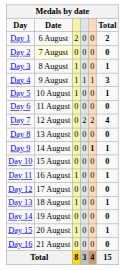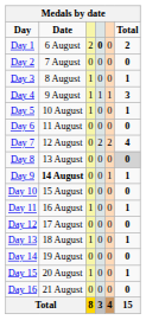 <table class=wikitable style="font-size:85%; text-align:center; float:right;">
 <tr bgcolor=efefef>
 <th colspan=7>Medals by date</th>
 </tr>
 <tr>
 <td><strong>Day</strong></td>
 <td><strong>Date</strong></td>
 <td bgcolor=f7f6a8></td>
 <td bgcolor=dce5e5></td>
 <td bgcolor=ffdab9></td>
 <td><strong>Total</strong></td>
 </tr>
 <tr>
 <td><a href='#'>Day 1</a></td>
 <td>6 August</td>
 <td style="background:#F7F6A8;">2</td>
-<td style="background:#DCE5E5;">0</td>
+<td style="background:#DCE5E5;"><strong>0</strong></td>
 <td style="background:#FFDAB9;">0</td>
 <td><strong>2</strong></td>
 </tr>
 <tr>
 <td><a href='#'>Day 2</a></td>
-<td style="background: lightyellow;">7 August</td>
+<td>7 August</td>
 <td style="background:#F7F6A8;">0</td>
 <td style="background:#DCE5E5;">0</td>
 <td style="background:#FFDAB9;">0</td>
 <td><strong>0</strong></td>
 </tr>
 <tr>
 <td><a href='#'>Day 3</a></td>
 <td>8 August</td>
 <td style="background:#F7F6A8;">1</td>
 <td style="background:#DCE5E5;">0</td>
 <td style="background:#FFDAB9;">0</td>
 <td><strong>1</strong></td>
 </tr>
 <tr>
 <td><a href='#'>Day 4</a></td>
 <td>9 August</td>
 <td style="background:#F7F6A8;">1</td>
 <td style="background:#DCE5E5;">1</td>
 <td style="background:#FFDAB9;">1</td>
 <td><strong>3</strong></td>
 </tr>
 <tr>
 <td><a href='#'>Day 5</a></td>
 <td>10 August</td>
 <td style="background:#F7F6A8;">1</td>
 <td style="background:#DCE5E5;">0</td>
 <td style="background:#FFDAB9;">0</td>
 <td><strong>1</strong></td>
 </tr>
 <tr>
 <td><a href='#'>Day 6</a></td>
 <td>11 August</td>
 <td style="background:#F7F6A8;">0</td>
 <td style="background:#DCE5E5;">0</td>
 <td style="background:#FFDAB9;">0</td>
 <td><strong>0</strong></td>
 </tr>
 <tr>
 <td><a href='#'>Day 7</a></td>
 <td>12 August</td>
 <td style="background:#F7F6A8;">0</td>
 <td style="background:#DCE5E5;">2</td>
 <td style="background:#FFDAB9;">2</td>
 <td><strong>4</strong></td>
 </tr>
 <tr>
 <td><a href='#'>Day 8</a></td>
 <td>13 August</td>
 <td style="background:#F7F6A8;">0</td>
 <td style="background:#DCE5E5;">0</td>
 <td style="background:#FFDAB9;">0</td>
-<td><strong>0</strong></td>
+<td style="background: lightgrey;"><strong>0</strong></td>
 </tr>
 <tr>
 <td><a href='#'>Day 9</a></td>
-<td>14 August</td>
+<td><strong>14 August</strong></td>
 <td style="background:#F7F6A8;">0</td>
 <td style="background:#DCE5E5;">0</td>
-<td style="background:#FFDAB9;"><strong>1</strong></td>
+<td style="background:#FFDAB9;">1</td>
 <td><strong>1</strong></td>
 </tr>
 <tr>
 <td><a href='#'>Day 10</a></td>
 <td>15 August</td>
 <td style="background:#F7F6A8;">0</td>
 <td style="background:#DCE5E5;">0</td>
 <td style="background:#FFDAB9;">0</td>
 <td><strong>0</strong></td>
 </tr>
 <tr>
 <td><a href='#'>Day 11</a></td>
 <td>16 August</td>
 <td style="background:#F7F6A8;">1</td>
 <td style="background:#DCE5E5;">0</td>
 <td style="background:#FFDAB9;">0</td>
 <td><strong>1</strong></td>
 </tr>
 <tr>
 <td><a href='#'>Day 12</a></td>
 <td>17 August</td>
 <td style="background:#F7F6A8;">0</td>
 <td style="background:#DCE5E5;">0</td>
 <td style="background:#FFDAB9;">0</td>
 <td><strong>0</strong></td>
 </tr>
 <tr>
 <td><a href='#'>Day 13</a></td>
 <td>18 August</td>
 <td style="background:#F7F6A8;">1</td>
 <td style="background:#DCE5E5;">0</td>
 <td style="background:#FFDAB9;">0</td>
 <td><strong>1</strong></td>
 </tr>
 <tr>
 <td><a href='#'>Day 14</a></td>
 <td>19 August</td>
 <td style="background:#F7F6A8;">0</td>
 <td style="background:#DCE5E5;">0</td>
 <td style="background:#FFDAB9;">0</td>
 <td><strong>0</strong></td>
 </tr>
 <tr>
 <td><a href='#'>Day 15</a></td>
 <td>20 August</td>
 <td style="background:#F7F6A8;">1</td>
 <td style="background:#DCE5E5;">0</td>
 <td style="background:#FFDAB9;">0</td>
 <td><strong>1</strong></td>
 </tr>
 <tr>
 <td><a href='#'>Day 16</a></td>
 <td>21 August</td>
 <td style="background:#F7F6A8;">0</td>
 <td style="background:#DCE5E5;">0</td>
 <td style="background:#FFDAB9;">0</td>
 <td><strong>0</strong></td>
 </tr>
 <tr>
 <th colspan=2>Total</th>
 <th style="background:gold">8</th>
 <th style="background:silver">3</th>
 <th style="background:#c96">4</th>
 <th>15</th>
 </tr>
 </table>
